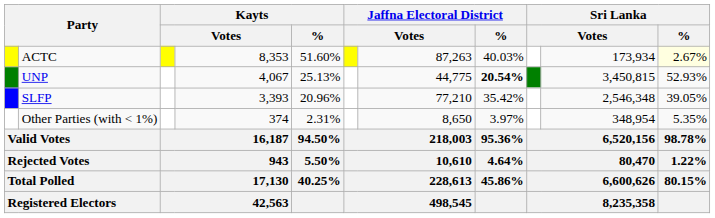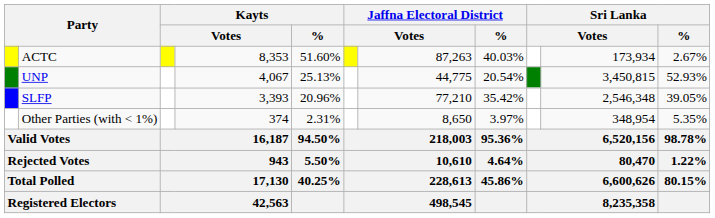 <table class="wikitable">
 <tr>
 <th colspan="2" width="144px"rowspan="2">Party</th>
 <th colspan="3" width="216px">Kayts</th>
 <th colspan="3" width="216px"><a href='#'>Jaffna Electoral District</a></th>
 <th colspan="3" width="216px">Sri Lanka</th>
 </tr>
 <tr>
 <th colspan="2" width="144px">Votes</th>
 <th>%</th>
 <th colspan="2" width="144px">Votes</th>
 <th>%</th>
 <th colspan="2" width="144px">Votes</th>
 <th>%</th>
 </tr>
 <tr>
 <td style="background-color:yellow;" width="10px"></td>
 <td style="text-align:left;">ACTC</td>
 <td style="background-color:yellow;" width="10px"></td>
 <td style="text-align:right;">8,353</td>
 <td style="text-align:right;">51.60%</td>
 <td style="background-color:yellow;" width="10px"></td>
 <td style="text-align:right;">87,263</td>
 <td style="text-align:right;">40.03%</td>
 <td style="background-color:white;" width="10px"></td>
 <td style="text-align:right;">173,934</td>
-<td style="background: lightyellow; text-align:right;">2.67%</td>
+<td style="text-align:right;">2.67%</td>
 </tr>
 <tr>
 <td style="background-color:green;" width="10px"></td>
 <td style="text-align:left;"><a href='#'>UNP</a></td>
 <td style="background-color:white;" width="10px"></td>
 <td style="text-align:right;">4,067</td>
 <td style="text-align:right;">25.13%</td>
 <td style="background-color:white;" width="10px"></td>
 <td style="text-align:right;">44,775</td>
-<td style="text-align:right;"><strong>20.54%</strong></td>
+<td style="text-align:right;">20.54%</td>
 <td style="background-color:green;" width="10px"></td>
 <td style="text-align:right;">3,450,815</td>
 <td style="text-align:right;">52.93%</td>
 </tr>
 <tr>
 <td style="background-color:blue;" width="10px"></td>
 <td style="text-align:left;"><a href='#'>SLFP</a></td>
 <td style="background-color:white;" width="10px"></td>
 <td style="text-align:right;">3,393</td>
 <td style="text-align:right;">20.96%</td>
 <td style="background-color:white;" width="10px"></td>
 <td style="text-align:right;">77,210</td>
 <td style="text-align:right;">35.42%</td>
 <td style="background-color:white;" width="10px"></td>
 <td style="text-align:right;">2,546,348</td>
 <td style="text-align:right;">39.05%</td>
 </tr>
 <tr>
 <td style="background-color:white;" width="10px"></td>
 <td style="text-align:left;">Other Parties (with < 1%)</td>
 <td style="background-color:white;" width="10px"></td>
 <td style="text-align:right;">374</td>
 <td style="text-align:right;">2.31%</td>
 <td style="background-color:white;" width="10px"></td>
 <td style="text-align:right;">8,650</td>
 <td style="text-align:right;">3.97%</td>
 <td style="background-color:white;" width="10px"></td>
 <td style="text-align:right;">348,954</td>
 <td style="text-align:right;">5.35%</td>
 </tr>
 <tr>
 <th colspan="2" width="144px"style="text-align:left;">Valid Votes</th>
 <th style="text-align:right;"colspan="2" width="144px">16,187</th>
 <th style="text-align:right;">94.50%</th>
 <th style="text-align:right;"colspan="2" width="144px">218,003</th>
 <th style="text-align:right;">95.36%</th>
 <th style="text-align:right;"colspan="2" width="144px">6,520,156</th>
 <th style="text-align:right;">98.78%</th>
 </tr>
 <tr>
 <th colspan="2" width="144px"style="text-align:left;">Rejected Votes</th>
 <th style="text-align:right;"colspan="2" width="144px">943</th>
 <th style="text-align:right;">5.50%</th>
 <th style="text-align:right;"colspan="2" width="144px">10,610</th>
 <th style="text-align:right;">4.64%</th>
 <th style="text-align:right;"colspan="2" width="144px">80,470</th>
 <th style="text-align:right;">1.22%</th>
 </tr>
 <tr>
 <th colspan="2" width="144px"style="text-align:left;">Total Polled</th>
 <th style="text-align:right;"colspan="2" width="144px">17,130</th>
 <th style="text-align:right;">40.25%</th>
 <th style="text-align:right;"colspan="2" width="144px">228,613</th>
 <th style="text-align:right;">45.86%</th>
 <th style="text-align:right;"colspan="2" width="144px">6,600,626</th>
 <th style="text-align:right;">80.15%</th>
 </tr>
 <tr>
 <th colspan="2" width="144px"style="text-align:left;">Registered Electors</th>
 <th style="text-align:right;"colspan="2" width="144px">42,563</th>
 <th></th>
 <th style="text-align:right;"colspan="2" width="144px">498,545</th>
 <th></th>
 <th style="text-align:right;"colspan="2" width="144px">8,235,358</th>
 <th></th>
 </tr>
 </table>
